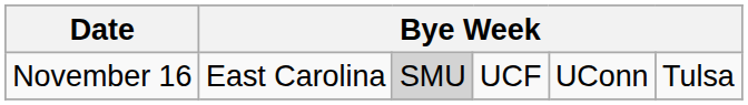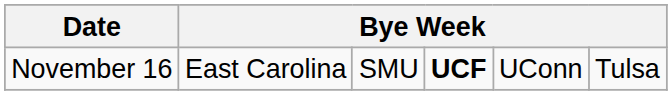 <table class="wikitable" style="font-size:95%;">
 <tr>
 <th>Date</th>
 <th colspan="5">Bye Week</th>
 </tr>
 <tr>
 <td>November 16</td>
 <td>East Carolina</td>
-<td style="background: lightgrey;">SMU</td>
-<td>UCF</td>
+<td>SMU</td>
+<td><strong>UCF</strong></td>
 <td>UConn</td>
 <td>Tulsa</td>
 </tr>
 </table>
